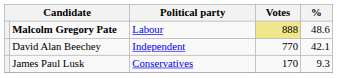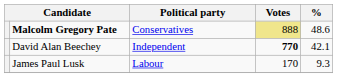 <table class="wikitable">
 <tr>
 <th valign=top colspan="2" style="width: 180px">Candidate</th>
 <th valign=top style="width: 180px">Political party</th>
 <th valign=top style="width: 60px">Votes</th>
 <th valign=top style="width: 40px">%</th>
 </tr>
 <tr>
 <th style="background-color: "></th>
 <td><strong>Malcolm Gregory Pate</strong></td>
-<td><a href='#'>Labour</a></td>
+<td><a href='#'>Conservatives</a></td>
 <td align="right" style="background: khaki;">888</td>
 <td align="right">48.6</td>
 </tr>
 <tr>
 <th style="background-color: "></th>
 <td>David Alan Beechey</td>
 <td><a href='#'>Independent</a></td>
-<td align="right">770</td>
+<td align="right"><strong>770</strong></td>
 <td align="right">42.1</td>
 </tr>
 <tr>
 <th style="background-color: "></th>
 <td>James Paul Lusk</td>
-<td><a href='#'>Conservatives</a></td>
+<td><a href='#'>Labour</a></td>
 <td align="right">170</td>
 <td align="right">9.3</td>
 </tr>
 <tr>
 </tr>
 </table>
